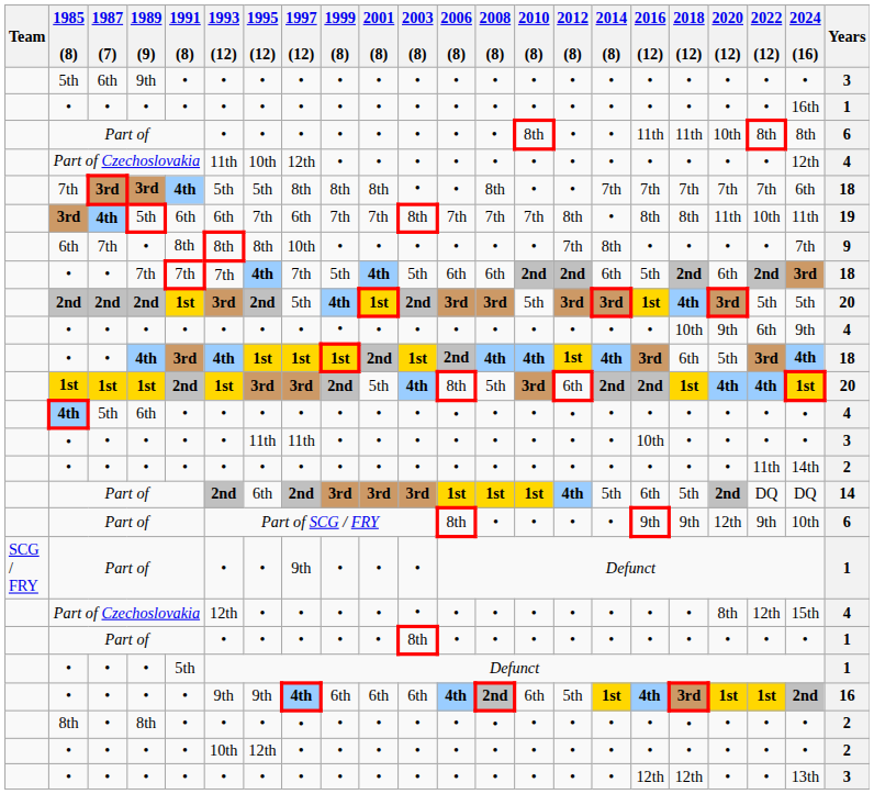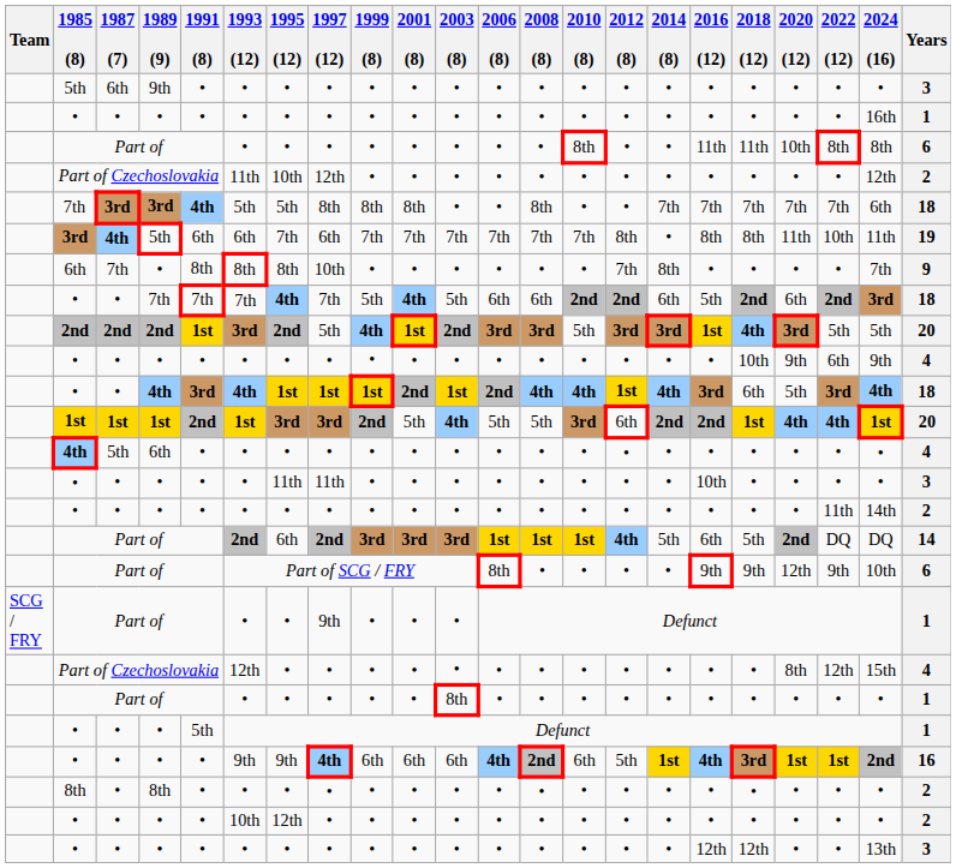 <table class="wikitable" style="text-align: center; font-size: 85%">
 <tr>
 <th>Team</th>
 <th><a href='#'>1985</a><br><br>(8)</th>
 <th><a href='#'>1987</a><br><br>(7)</th>
 <th><a href='#'>1989</a><br><br>(9)</th>
 <th><a href='#'>1991</a><br><br>(8)</th>
 <th><a href='#'>1993</a><br><br>(12)</th>
 <th><a href='#'>1995</a><br><br>(12)</th>
 <th><a href='#'>1997</a><br><br>(12)</th>
 <th><a href='#'>1999</a><br><br>(8)</th>
 <th><a href='#'>2001</a><br><br>(8)</th>
 <th><a href='#'>2003</a><br><br>(8)</th>
 <th><a href='#'>2006</a><br><br>(8)</th>
 <th><a href='#'>2008</a><br><br>(8)</th>
 <th><a href='#'>2010</a><br><br>(8)</th>
 <th><a href='#'>2012</a><br><br>(8)</th>
 <th><a href='#'>2014</a><br><br>(8)</th>
 <th><a href='#'>2016</a><br><br>(12)</th>
 <th><a href='#'>2018</a><br><br>(12)</th>
 <th><a href='#'>2020</a><br><br>(12)</th>
 <th><a href='#'>2022</a><br><br>(12)</th>
 <th><a href='#'>2024</a><br><br>(16)</th>
 <th>Years</th>
 </tr>
 <tr>
 <td align=left></td>
 <td>5th</td>
 <td>6th</td>
 <td>9th</td>
 <td>•</td>
 <td>•</td>
 <td>•</td>
 <td>•</td>
 <td>•</td>
 <td>•</td>
 <td>•</td>
 <td>•</td>
 <td>•</td>
 <td>•</td>
 <td>•</td>
 <td>•</td>
 <td>•</td>
 <td>•</td>
 <td>•</td>
 <td>•</td>
 <td>•</td>
 <th>3</th>
 </tr>
 <tr>
 <td align=left></td>
 <td>•</td>
 <td>•</td>
 <td>•</td>
 <td>•</td>
 <td>•</td>
 <td>•</td>
 <td>•</td>
 <td>•</td>
 <td>•</td>
 <td>•</td>
 <td>•</td>
 <td>•</td>
 <td>•</td>
 <td>•</td>
 <td>•</td>
 <td>•</td>
 <td>•</td>
 <td>•</td>
 <td>•</td>
 <td>16th</td>
 <th>1</th>
 </tr>
 <tr>
 <td align=left></td>
 <td colspan=4><em>Part of </em></td>
 <td>•</td>
 <td>•</td>
 <td>•</td>
 <td>•</td>
 <td>•</td>
 <td>•</td>
 <td>•</td>
 <td>•</td>
 <td style="border:3px solid red">8th</td>
 <td>•</td>
 <td>•</td>
 <td>11th</td>
 <td>11th</td>
 <td>10th</td>
 <td style="border:3px solid red">8th</td>
 <td>8th</td>
 <th>6</th>
 </tr>
 <tr>
 <td align=left></td>
 <td colspan=4><em>Part of  <a href='#'>Czechoslovakia</a></em></td>
 <td>11th</td>
 <td>10th</td>
 <td>12th</td>
 <td>•</td>
 <td>•</td>
 <td>•</td>
 <td>•</td>
 <td>•</td>
 <td>•</td>
 <td>•</td>
 <td>•</td>
 <td>•</td>
 <td>•</td>
 <td>•</td>
 <td>•</td>
 <td>12th</td>
-<th>4</th>
+<th>2</th>
 </tr>
 <tr>
 <td align=left></td>
 <td>7th</td>
 <td style="border:3px solid red" bgcolor=#cc9966><strong>3rd</strong></td>
 <td bgcolor=#cc9966><strong>3rd</strong></td>
 <td bgcolor=#9acdff><strong>4th</strong></td>
 <td>5th</td>
 <td>5th</td>
 <td>8th</td>
 <td>8th</td>
 <td>8th</td>
 <td>•</td>
 <td>•</td>
 <td>8th</td>
 <td>•</td>
 <td>•</td>
 <td>7th</td>
 <td>7th</td>
 <td>7th</td>
 <td>7th</td>
 <td>7th</td>
 <td>6th</td>
 <th>18</th>
 </tr>
 <tr>
 <td align=left><br></td>
 <td bgcolor=#cc9966><strong>3rd</strong></td>
 <td bgcolor=#9acdff><strong>4th</strong></td>
 <td style="border:3px solid red">5th</td>
 <td>6th</td>
 <td>6th</td>
 <td>7th</td>
 <td>6th</td>
 <td>7th</td>
 <td>7th</td>
-<td style="border:3px solid red">8th</td>
+<td>7th</td>
 <td>7th</td>
 <td>7th</td>
 <td>7th</td>
 <td>8th</td>
 <td>•</td>
 <td>8th</td>
 <td>8th</td>
 <td>11th</td>
 <td>10th</td>
 <td>11th</td>
 <th>19</th>
 </tr>
 <tr>
 <td align=left></td>
 <td>6th</td>
 <td>7th</td>
 <td>•</td>
 <td>8th</td>
 <td style="border:3px solid red">8th</td>
 <td>8th</td>
 <td>10th</td>
 <td>•</td>
 <td>•</td>
 <td>•</td>
 <td>•</td>
 <td>•</td>
 <td>•</td>
 <td>7th</td>
 <td>8th</td>
 <td>•</td>
 <td>•</td>
 <td>•</td>
 <td>•</td>
 <td>7th</td>
 <th>9</th>
 </tr>
 <tr>
 <td align=left></td>
 <td>•</td>
 <td>•</td>
 <td>7th</td>
 <td style="border:3px solid red">7th</td>
 <td>7th</td>
 <td bgcolor=#9acdff><strong>4th</strong></td>
 <td>7th</td>
 <td>5th</td>
 <td bgcolor=#9acdff><strong>4th</strong></td>
 <td>5th</td>
 <td>6th</td>
 <td>6th</td>
 <td bgcolor=Silver><strong>2nd</strong></td>
 <td bgcolor=Silver><strong>2nd</strong></td>
 <td>6th</td>
 <td>5th</td>
 <td bgcolor=Silver><strong>2nd</strong></td>
 <td>6th</td>
 <td bgcolor=Silver><strong>2nd</strong></td>
 <td bgcolor=#cc9966><strong>3rd</strong></td>
 <th>18</th>
 </tr>
 <tr>
 <td align=left></td>
 <td bgcolor=Silver><strong>2nd</strong></td>
 <td bgcolor=Silver><strong>2nd</strong></td>
 <td bgcolor=Silver><strong>2nd</strong></td>
 <td bgcolor=Gold><strong>1st</strong></td>
 <td bgcolor=#cc9966><strong>3rd</strong></td>
 <td bgcolor=Silver><strong>2nd</strong></td>
 <td>5th</td>
 <td bgcolor=#9acdff><strong>4th</strong></td>
 <td style="border:3px solid red" bgcolor=Gold><strong>1st</strong></td>
 <td bgcolor=Silver><strong>2nd</strong></td>
 <td bgcolor=#cc9966><strong>3rd</strong></td>
 <td bgcolor=#cc9966><strong>3rd</strong></td>
 <td>5th</td>
 <td bgcolor=#cc9966><strong>3rd</strong></td>
 <td style="border:3px solid red" bgcolor=#cc9966><strong>3rd</strong></td>
 <td bgcolor=Gold><strong>1st</strong></td>
 <td bgcolor=#9acdff><strong>4th</strong></td>
 <td style="border:3px solid red" bgcolor=#cc9966><strong>3rd</strong></td>
 <td>5th</td>
 <td>5th</td>
 <th>20</th>
 </tr>
 <tr>
 <td align=left></td>
 <td>•</td>
 <td>•</td>
 <td>•</td>
 <td>•</td>
 <td>•</td>
 <td>•</td>
 <td>•</td>
 <td>•</td>
 <td>•</td>
 <td>•</td>
 <td>•</td>
 <td>•</td>
 <td>•</td>
 <td>•</td>
 <td>•</td>
 <td>•</td>
 <td>10th</td>
 <td>9th</td>
 <td>6th</td>
 <td>9th</td>
 <th>4</th>
 </tr>
 <tr>
 <td align=left></td>
 <td>•</td>
 <td>•</td>
 <td bgcolor=#9acdff><strong>4th</strong></td>
 <td bgcolor=#cc9966><strong>3rd</strong></td>
 <td bgcolor=#9acdff><strong>4th</strong></td>
 <td bgcolor=Gold><strong>1st</strong></td>
 <td bgcolor=Gold><strong>1st</strong></td>
 <td style="border:3px solid red" bgcolor=Gold><strong>1st</strong></td>
 <td bgcolor=Silver><strong>2nd</strong></td>
 <td bgcolor=Gold><strong>1st</strong></td>
 <td bgcolor=Silver><strong>2nd</strong></td>
 <td bgcolor=#9acdff><strong>4th</strong></td>
 <td bgcolor=#9acdff><strong>4th</strong></td>
 <td bgcolor=Gold><strong>1st</strong></td>
 <td bgcolor=#9acdff><strong>4th</strong></td>
 <td bgcolor=#cc9966><strong>3rd</strong></td>
 <td>6th</td>
 <td>5th</td>
 <td bgcolor=#cc9966><strong>3rd</strong></td>
 <td bgcolor=#9acdff><strong>4th</strong></td>
 <th>18</th>
 </tr>
 <tr>
 <td align=left></td>
 <td bgcolor=Gold><strong>1st</strong></td>
 <td bgcolor=Gold><strong>1st</strong></td>
 <td bgcolor=Gold><strong>1st</strong></td>
 <td bgcolor=Silver><strong>2nd</strong></td>
 <td bgcolor=Gold><strong>1st</strong></td>
 <td bgcolor=#cc9966><strong>3rd</strong></td>
 <td bgcolor=#cc9966><strong>3rd</strong></td>
 <td bgcolor=Silver><strong>2nd</strong></td>
 <td>5th</td>
 <td bgcolor=#9acdff><strong>4th</strong></td>
-<td style="border:3px solid red">8th</td>
+<td>5th</td>
 <td>5th</td>
 <td bgcolor=#cc9966><strong>3rd</strong></td>
 <td style="border:3px solid red">6th</td>
 <td bgcolor=Silver><strong>2nd</strong></td>
 <td bgcolor=Silver><strong>2nd</strong></td>
 <td bgcolor=Gold><strong>1st</strong></td>
 <td bgcolor=#9acdff><strong>4th</strong></td>
 <td bgcolor=#9acdff><strong>4th</strong></td>
 <td style="border:3px solid red" bgcolor=Gold><strong>1st</strong></td>
 <th>20</th>
 </tr>
 <tr>
 <td align=left></td>
 <td style="border:3px solid red" bgcolor=#9acdff><strong>4th</strong></td>
 <td>5th</td>
 <td>6th</td>
 <td>•</td>
 <td>•</td>
 <td>•</td>
 <td>•</td>
 <td>•</td>
 <td>•</td>
 <td>•</td>
 <td>•</td>
 <td>•</td>
 <td>•</td>
 <td>•</td>
 <td>•</td>
 <td>•</td>
 <td>•</td>
 <td>•</td>
 <td>•</td>
 <td>•</td>
 <th>4</th>
 </tr>
 <tr>
 <td align=left></td>
 <td>•</td>
 <td>•</td>
 <td>•</td>
 <td>•</td>
 <td>•</td>
 <td>11th</td>
 <td>11th</td>
 <td>•</td>
 <td>•</td>
 <td>•</td>
 <td>•</td>
 <td>•</td>
 <td>•</td>
 <td>•</td>
 <td>•</td>
 <td>10th</td>
 <td>•</td>
 <td>•</td>
 <td>•</td>
 <td>•</td>
 <th>3</th>
 </tr>
 <tr>
 <td align=left></td>
 <td>•</td>
 <td>•</td>
 <td>•</td>
 <td>•</td>
 <td>•</td>
 <td>•</td>
 <td>•</td>
 <td>•</td>
 <td>•</td>
 <td>•</td>
 <td>•</td>
 <td>•</td>
 <td>•</td>
 <td>•</td>
 <td>•</td>
 <td>•</td>
 <td>•</td>
 <td>•</td>
 <td>11th</td>
 <td>14th</td>
 <th>2</th>
 </tr>
 <tr>
 <td align=left></td>
 <td colspan=4><em>Part of </em></td>
 <td bgcolor=Silver><strong>2nd</strong></td>
 <td>6th</td>
 <td bgcolor=Silver><strong>2nd</strong></td>
 <td bgcolor=#cc9966><strong>3rd</strong></td>
 <td bgcolor=#cc9966><strong>3rd</strong></td>
 <td bgcolor=#cc9966><strong>3rd</strong></td>
 <td bgcolor=Gold><strong>1st</strong></td>
 <td bgcolor=Gold><strong>1st</strong></td>
 <td bgcolor=Gold><strong>1st</strong></td>
 <td bgcolor=#9acdff><strong>4th</strong></td>
 <td>5th</td>
 <td>6th</td>
 <td>5th</td>
 <td bgcolor=Silver><strong>2nd</strong></td>
 <td>DQ</td>
 <td>DQ</td>
 <th>14</th>
 </tr>
 <tr>
 <td align=left></td>
 <td colspan=4><em>Part of </em></td>
 <td colspan=6><em>Part of  <a href='#'>SCG</a> / <a href='#'>FRY</a></em></td>
 <td style="border:3px solid red">8th</td>
 <td>•</td>
 <td>•</td>
 <td>•</td>
 <td>•</td>
 <td style="border:3px solid red">9th</td>
 <td>9th</td>
 <td>12th</td>
 <td>9th</td>
 <td>10th</td>
 <th>6</th>
 </tr>
 <tr>
 <td align="left"> <a href='#'>SCG</a> / <a href='#'>FRY</a></td>
 <td colspan=4><em>Part of </em></td>
 <td>•</td>
 <td>•</td>
 <td>9th</td>
 <td>•</td>
 <td>•</td>
 <td>•</td>
 <td colspan="10"><em>Defunct</em></td>
 <th>1</th>
 </tr>
 <tr>
 <td align=left></td>
 <td colspan=4><em>Part of  <a href='#'>Czechoslovakia</a></em></td>
 <td>12th</td>
 <td>•</td>
 <td>•</td>
 <td>•</td>
 <td>•</td>
 <td>•</td>
 <td>•</td>
 <td>•</td>
 <td>•</td>
 <td>•</td>
 <td>•</td>
 <td>•</td>
 <td>•</td>
 <td>8th</td>
 <td>12th</td>
 <td>15th</td>
 <th>4</th>
 </tr>
 <tr>
 <td align=left></td>
 <td colspan=4><em>Part of </em></td>
 <td>•</td>
 <td>•</td>
 <td>•</td>
 <td>•</td>
 <td>•</td>
 <td style="border:3px solid red">8th</td>
 <td>•</td>
 <td>•</td>
 <td>•</td>
 <td>•</td>
 <td>•</td>
 <td>•</td>
 <td>•</td>
 <td>•</td>
 <td>•</td>
 <td>•</td>
 <th>1</th>
 </tr>
 <tr>
 <td align=left></td>
 <td>•</td>
 <td>•</td>
 <td>•</td>
 <td>5th</td>
 <td colspan="16"><em>Defunct</em></td>
 <th>1</th>
 </tr>
 <tr>
 <td align=left></td>
 <td>•</td>
 <td>•</td>
 <td>•</td>
 <td>•</td>
 <td>9th</td>
 <td>9th</td>
 <td style="border:3px solid red" bgcolor=#9acdff><strong>4th</strong></td>
 <td>6th</td>
 <td>6th</td>
 <td>6th</td>
 <td bgcolor=#9acdff><strong>4th</strong></td>
 <td style="border:3px solid red" bgcolor=Silver><strong>2nd</strong></td>
 <td>6th</td>
 <td>5th</td>
 <td bgcolor=Gold><strong>1st</strong></td>
 <td bgcolor=#9acdff><strong>4th</strong></td>
 <td style="border:3px solid red" bgcolor=#cc9966><strong>3rd</strong></td>
 <td bgcolor=Gold><strong>1st</strong></td>
 <td bgcolor=Gold><strong>1st</strong></td>
 <td bgcolor=Silver><strong>2nd</strong></td>
 <th>16</th>
 </tr>
 <tr>
 <td align=left></td>
 <td>8th</td>
 <td>•</td>
 <td>8th</td>
 <td>•</td>
 <td>•</td>
 <td>•</td>
 <td>•</td>
 <td>•</td>
 <td>•</td>
 <td>•</td>
 <td>•</td>
 <td>•</td>
 <td>•</td>
 <td>•</td>
 <td>•</td>
 <td>•</td>
 <td>•</td>
 <td>•</td>
 <td>•</td>
 <td>•</td>
 <th>2</th>
 </tr>
 <tr>
 <td align=left></td>
 <td>•</td>
 <td>•</td>
 <td>•</td>
 <td>•</td>
 <td>10th</td>
 <td>12th</td>
 <td>•</td>
 <td>•</td>
 <td>•</td>
 <td>•</td>
 <td>•</td>
 <td>•</td>
 <td>•</td>
 <td>•</td>
 <td>•</td>
 <td>•</td>
 <td>•</td>
 <td>•</td>
 <td>•</td>
 <td>•</td>
 <th>2</th>
 </tr>
 <tr>
 <td align=left></td>
 <td>•</td>
 <td>•</td>
 <td>•</td>
 <td>•</td>
 <td>•</td>
 <td>•</td>
 <td>•</td>
 <td>•</td>
 <td>•</td>
 <td>•</td>
 <td>•</td>
 <td>•</td>
 <td>•</td>
 <td>•</td>
 <td>•</td>
 <td>12th</td>
 <td>12th</td>
 <td>•</td>
 <td>•</td>
 <td>13th</td>
 <th>3</th>
 </tr>
 </table>
